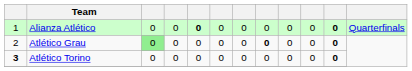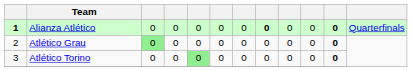 <table class="wikitable" style="text-align:center;">
 <tr>
 <th width="30"></th>
 <th width="180">Team</th>
 <th width="30"></th>
 <th width="30"></th>
 <th width="30"></th>
 <th width="30"></th>
 <th width="30"></th>
 <th width="30"></th>
 <th width="30"></th>
 <th width="30"></th>
 <th width="30"></th>
 <th width="30"></th>
 </tr>
 <tr bgcolor=ccffcc>
-<td>1</td>
+<td><strong>1</strong></td>
 <td align=left><a href='#'>Alianza Atlético</a></td>
 <td>0</td>
 <td>0</td>
-<td><strong>0</strong></td>
 <td>0</td>
 <td>0</td>
 <td>0</td>
+<td><strong>0</strong></td>
 <td>0</td>
 <td>0</td>
 <td><strong>0</strong></td>
 <td><a href='#'>Quarterfinals</a></td>
 </tr>
 <tr>
 <td>2</td>
 <td align=left><a href='#'>Atlético Grau</a></td>
 <td style="background: lightgreen;">0</td>
 <td>0</td>
 <td>0</td>
 <td>0</td>
 <td>0</td>
-<td><strong>0</strong></td>
+<td>0</td>
 <td>0</td>
 <td>0</td>
 <td><strong>0</strong></td>
 </tr>
 <tr>
-<td><strong>3</strong></td>
+<td>3</td>
 <td align=left><a href='#'>Atlético Torino</a></td>
 <td>0</td>
 <td>0</td>
-<td>0</td>
+<td style="background: lightgreen;">0</td>
 <td>0</td>
 <td>0</td>
 <td>0</td>
 <td>0</td>
 <td>0</td>
 <td><strong>0</strong></td>
 </tr>
 <tr>
 </tr>
 </table>
